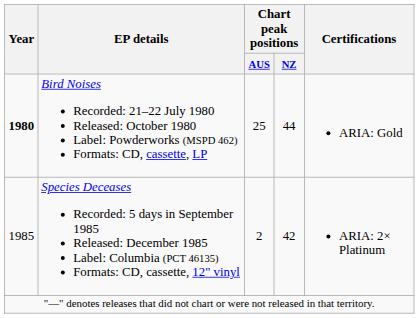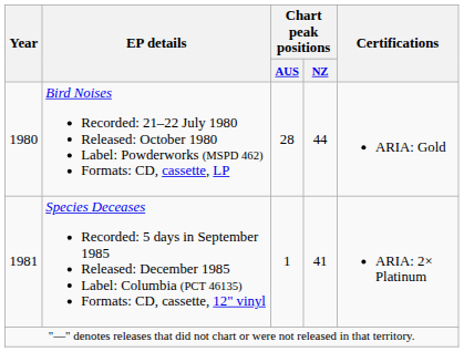 <table class="wikitable" border="1">
 <tr>
 <th rowspan="2" width="35px">Year</th>
 <th width="250px" rowspan="2">EP details</th>
 <th colspan="2">Chart peak positions</th>
 <th rowspan="2" width="130">Certifications</th>
 </tr>
 <tr>
 <th width="30px"><small><a href='#'>AUS</a><br></small></th>
 <th width="30px"><small><a href='#'>NZ</a><br></small></th>
 </tr>
 <tr>
-<td align="center"><strong>1980</strong></td>
+<td align="center">1980</td>
 <td><em><a href='#'>Bird Noises</a></em><br><ul><li>Recorded: 21–22 July 1980</li><li>Released: October 1980</li><li>Label: Powderworks <small>(MSPD 462)</small></li><li>Formats: CD, <a href='#'>cassette</a>, <a href='#'>LP</a></li></ul></td>
-<td align="center">25</td>
+<td align="center">28</td>
 <td align="center">44</td>
 <td><br><ul><li>ARIA: Gold</li></ul></td>
 </tr>
 <tr>
-<td align="center">1985</td>
+<td align="center">1981</td>
 <td><em><a href='#'>Species Deceases</a></em><br><ul><li>Recorded: 5 days in September 1985</li><li>Released: December 1985</li><li>Label: Columbia <small>(PCT 46135)</small></li><li>Formats: CD, cassette, <a href='#'>12" vinyl</a></li></ul></td>
-<td align="center">2</td>
-<td align="center">42</td>
+<td align="center">1</td>
+<td align="center">41</td>
 <td><br><ul><li>ARIA: 2× Platinum</li></ul></td>
 </tr>
 <tr>
 <td align="center" colspan="6" style="font-size: 85%">"—" denotes releases that did not chart or were not released in that territory.</td>
 </tr>
 </table>
